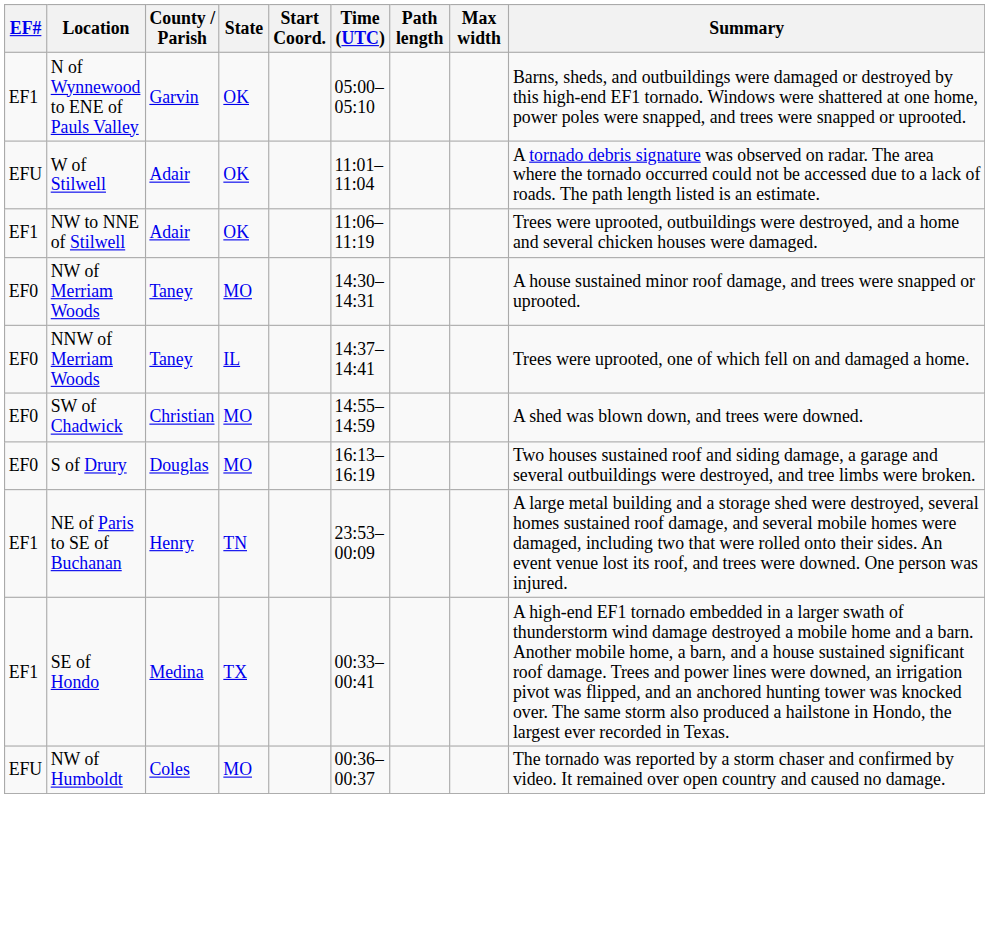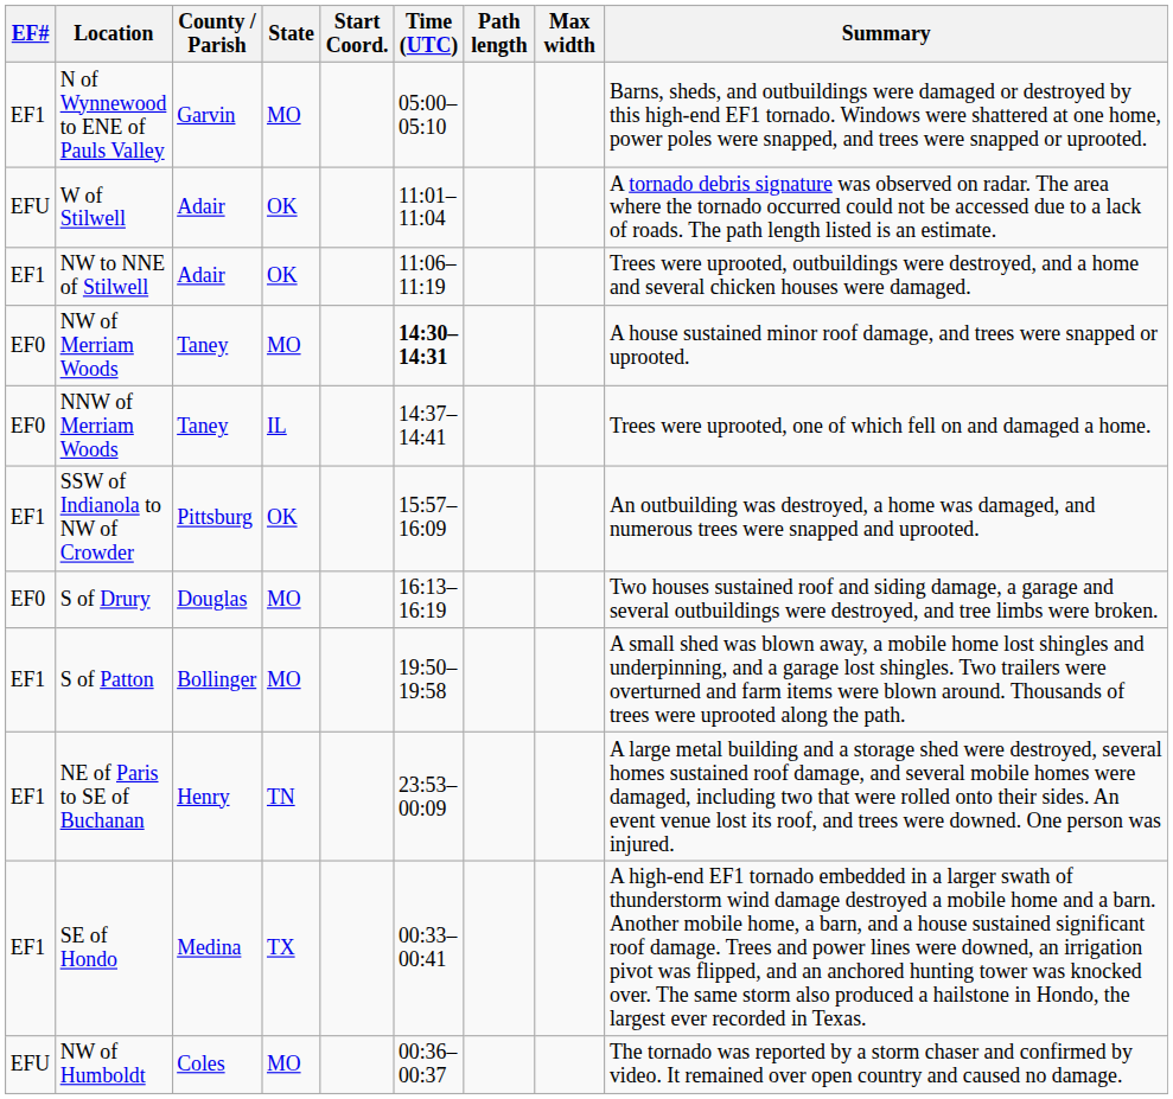 <table class="wikitable sortable" style="width:100%;">
 <tr>
 <th scope="col"  style="width:3%; text-align:center;"><a href='#'>EF#</a></th>
 <th scope="col"  style="width:7%; text-align:center;" class="unsortable">Location</th>
 <th scope="col"  style="width:6%; text-align:center;" class="unsortable">County / Parish</th>
 <th scope="col"  style="width:5%; text-align:center;">State</th>
 <th scope="col"  style="width:6%; text-align:center;">Start Coord.</th>
 <th scope="col"  style="width:6%; text-align:center;">Time (<a href='#'>UTC</a>)</th>
 <th scope="col"  style="width:6%; text-align:center;">Path length</th>
 <th scope="col"  style="width:6%; text-align:center;">Max width</th>
 <th scope="col" class="unsortable" style="width:48%; text-align:center;">Summary</th>
 </tr>
 <tr>
 <td>EF1</td>
 <td>N of <a href='#'>Wynnewood</a> to ENE of <a href='#'>Pauls Valley</a></td>
 <td><a href='#'>Garvin</a></td>
-<td><a href='#'>OK</a></td>
+<td><a href='#'>MO</a></td>
 <td></td>
 <td>05:00–05:10</td>
 <td></td>
 <td></td>
 <td>Barns, sheds, and outbuildings were damaged or destroyed by this high-end EF1 tornado. Windows were shattered at one home, power poles were snapped, and trees were snapped or uprooted.</td>
 </tr>
 <tr>
 <td>EFU</td>
 <td>W of <a href='#'>Stilwell</a></td>
 <td><a href='#'>Adair</a></td>
 <td><a href='#'>OK</a></td>
 <td></td>
 <td>11:01–11:04</td>
 <td></td>
 <td></td>
 <td>A <a href='#'>tornado debris signature</a> was observed on radar. The area where the tornado occurred could not be accessed due to a lack of roads. The path length listed is an estimate.</td>
 </tr>
 <tr>
 <td>EF1</td>
 <td>NW to NNE of <a href='#'>Stilwell</a></td>
 <td><a href='#'>Adair</a></td>
 <td><a href='#'>OK</a></td>
 <td></td>
 <td>11:06–11:19</td>
 <td></td>
 <td></td>
 <td>Trees were uprooted, outbuildings were destroyed, and a home and several chicken houses were damaged.</td>
 </tr>
 <tr>
 <td>EF0</td>
 <td>NW of <a href='#'>Merriam Woods</a></td>
 <td><a href='#'>Taney</a></td>
 <td><a href='#'>MO</a></td>
 <td></td>
-<td>14:30–14:31</td>
+<td><strong>14:30–14:31</strong></td>
 <td></td>
 <td></td>
 <td>A house sustained minor roof damage, and trees were snapped or uprooted.</td>
 </tr>
 <tr>
 <td>EF0</td>
 <td>NNW of <a href='#'>Merriam Woods</a></td>
 <td><a href='#'>Taney</a></td>
 <td><a href='#'>IL</a></td>
 <td></td>
 <td>14:37–14:41</td>
 <td></td>
 <td></td>
 <td>Trees were uprooted, one of which fell on and damaged a home.</td>
 </tr>
 <tr>
-<td>EF0</td>
-<td>SW of <a href='#'>Chadwick</a></td>
-<td><a href='#'>Christian</a></td>
-<td><a href='#'>MO</a></td>
+<td>EF1</td>
+<td>SSW of <a href='#'>Indianola</a>  to NW of <a href='#'>Crowder</a></td>
+<td><a href='#'>Pittsburg</a></td>
+<td><a href='#'>OK</a></td>
 <td></td>
-<td>14:55–14:59</td>
+<td>15:57–16:09</td>
 <td></td>
 <td></td>
-<td>A shed was blown down, and trees were downed.</td>
+<td>An outbuilding was destroyed, a home was damaged, and numerous trees were snapped and uprooted.</td>
 </tr>
 <tr>
 <td>EF0</td>
 <td>S of <a href='#'>Drury</a></td>
 <td><a href='#'>Douglas</a></td>
 <td><a href='#'>MO</a></td>
 <td></td>
 <td>16:13–16:19</td>
 <td></td>
 <td></td>
 <td>Two houses sustained roof and siding damage, a garage and several outbuildings were destroyed, and tree limbs were broken.</td>
+</tr>
+<tr>
+<td>EF1</td>
+<td>S of <a href='#'>Patton</a></td>
+<td><a href='#'>Bollinger</a></td>
+<td><a href='#'>MO</a></td>
+<td></td>
+<td>19:50–19:58</td>
+<td></td>
+<td></td>
+<td>A small shed was blown away, a mobile home lost shingles and underpinning, and a garage lost shingles. Two trailers were overturned and farm items were blown around. Thousands of trees were uprooted along the path.</td>
 </tr>
 <tr>
 <td>EF1</td>
 <td>NE of <a href='#'>Paris</a> to SE of <a href='#'>Buchanan</a></td>
 <td><a href='#'>Henry</a></td>
 <td><a href='#'>TN</a></td>
 <td></td>
 <td>23:53–00:09</td>
 <td></td>
 <td></td>
 <td>A large metal building and a storage shed were destroyed, several homes sustained roof damage, and several mobile homes were damaged, including two that were rolled onto their sides. An event venue lost its roof, and trees were downed. One person was injured.</td>
 </tr>
 <tr>
 <td>EF1</td>
 <td>SE of <a href='#'>Hondo</a></td>
 <td><a href='#'>Medina</a></td>
 <td><a href='#'>TX</a></td>
 <td></td>
 <td>00:33–00:41</td>
 <td></td>
 <td></td>
 <td>A high-end EF1 tornado embedded in a larger swath of  thunderstorm wind damage destroyed a mobile home and a barn. Another mobile home, a barn, and a house sustained significant roof damage. Trees and power lines were downed, an irrigation pivot was flipped, and an anchored hunting tower was knocked over. The same storm also produced a  hailstone in Hondo, the largest ever recorded in Texas.</td>
 </tr>
 <tr>
 <td>EFU</td>
 <td>NW of <a href='#'>Humboldt</a></td>
 <td><a href='#'>Coles</a></td>
 <td><a href='#'>MO</a></td>
 <td></td>
 <td>00:36–00:37</td>
 <td></td>
 <td></td>
 <td>The tornado was reported by a storm chaser and confirmed by video. It remained over open country and caused no damage.</td>
 </tr>
 <tr>
 </tr>
 </table>
